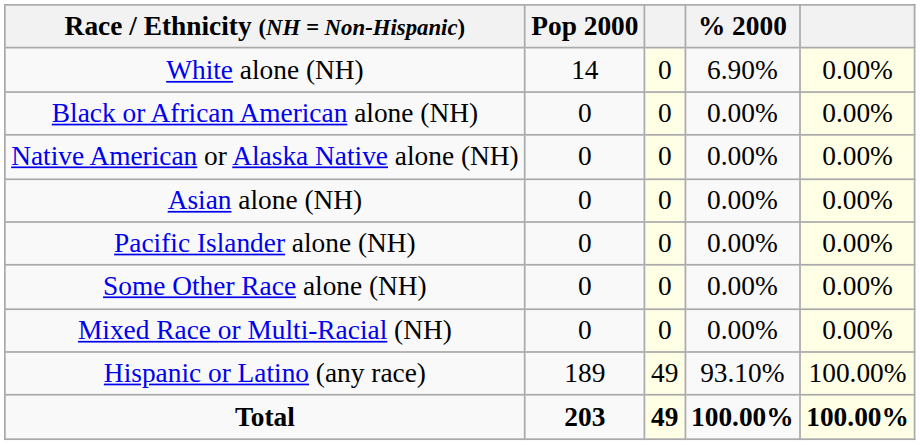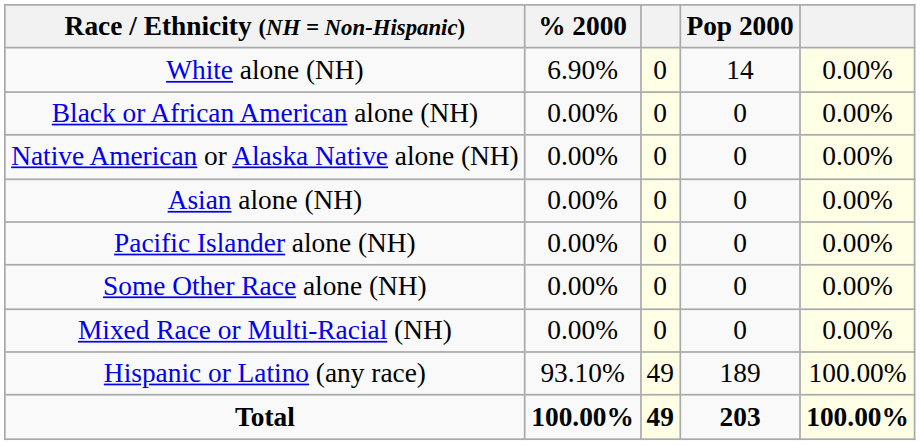 <table class="wikitable" style="text-align:center;">
 <tr>
 <th>Race / Ethnicity <small>(<em>NH = Non-Hispanic</em>)</small></th>
+<th>% 2000</th>
+<th></th>
 <th>Pop 2000</th>
-<th></th>
-<th>% 2000</th>
 <th></th>
 </tr>
 <tr>
 <td><a href='#'>White</a> alone (NH)</td>
+<td>6.90%</td>
+<td style='background: #ffffe6;'>0</td>
 <td>14</td>
-<td style='background: #ffffe6;'>0</td>
-<td>6.90%</td>
 <td style='background: #ffffe6;'>0.00%</td>
 </tr>
 <tr>
 <td><a href='#'>Black or African American</a> alone (NH)</td>
+<td>0.00%</td>
+<td style='background: #ffffe6;'>0</td>
 <td>0</td>
-<td style='background: #ffffe6;'>0</td>
-<td>0.00%</td>
 <td style='background: #ffffe6;'>0.00%</td>
 </tr>
 <tr>
 <td><a href='#'>Native American</a> or <a href='#'>Alaska Native</a> alone (NH)</td>
+<td>0.00%</td>
+<td style='background: #ffffe6;'>0</td>
 <td>0</td>
-<td style='background: #ffffe6;'>0</td>
-<td>0.00%</td>
 <td style='background: #ffffe6;'>0.00%</td>
 </tr>
 <tr>
 <td><a href='#'>Asian</a> alone (NH)</td>
+<td>0.00%</td>
+<td style='background: #ffffe6;'>0</td>
 <td>0</td>
-<td style='background: #ffffe6;'>0</td>
-<td>0.00%</td>
 <td style='background: #ffffe6;'>0.00%</td>
 </tr>
 <tr>
 <td><a href='#'>Pacific Islander</a> alone (NH)</td>
+<td>0.00%</td>
+<td style='background: #ffffe6;'>0</td>
 <td>0</td>
-<td style='background: #ffffe6;'>0</td>
-<td>0.00%</td>
 <td style='background: #ffffe6;'>0.00%</td>
 </tr>
 <tr>
 <td><a href='#'>Some Other Race</a> alone (NH)</td>
+<td>0.00%</td>
+<td style='background: #ffffe6;'>0</td>
 <td>0</td>
-<td style='background: #ffffe6;'>0</td>
-<td>0.00%</td>
 <td style='background: #ffffe6;'>0.00%</td>
 </tr>
 <tr>
 <td><a href='#'>Mixed Race or Multi-Racial</a> (NH)</td>
+<td>0.00%</td>
+<td style='background: #ffffe6;'>0</td>
 <td>0</td>
-<td style='background: #ffffe6;'>0</td>
-<td>0.00%</td>
 <td style='background: #ffffe6;'>0.00%</td>
 </tr>
 <tr>
 <td><a href='#'>Hispanic or Latino</a> (any race)</td>
+<td>93.10%</td>
+<td style='background: #ffffe6;'>49</td>
 <td>189</td>
-<td style='background: #ffffe6;'>49</td>
-<td>93.10%</td>
 <td style='background: #ffffe6;'>100.00%</td>
 </tr>
 <tr>
 <td><strong>Total</strong></td>
+<td><strong>100.00%</strong></td>
+<td style='background: #ffffe6;'><strong>49</strong></td>
 <td><strong>203</strong></td>
-<td style='background: #ffffe6;'><strong>49</strong></td>
-<td><strong>100.00%</strong></td>
 <td style='background: #ffffe6;'><strong>100.00%</strong></td>
 </tr>
 </table>
